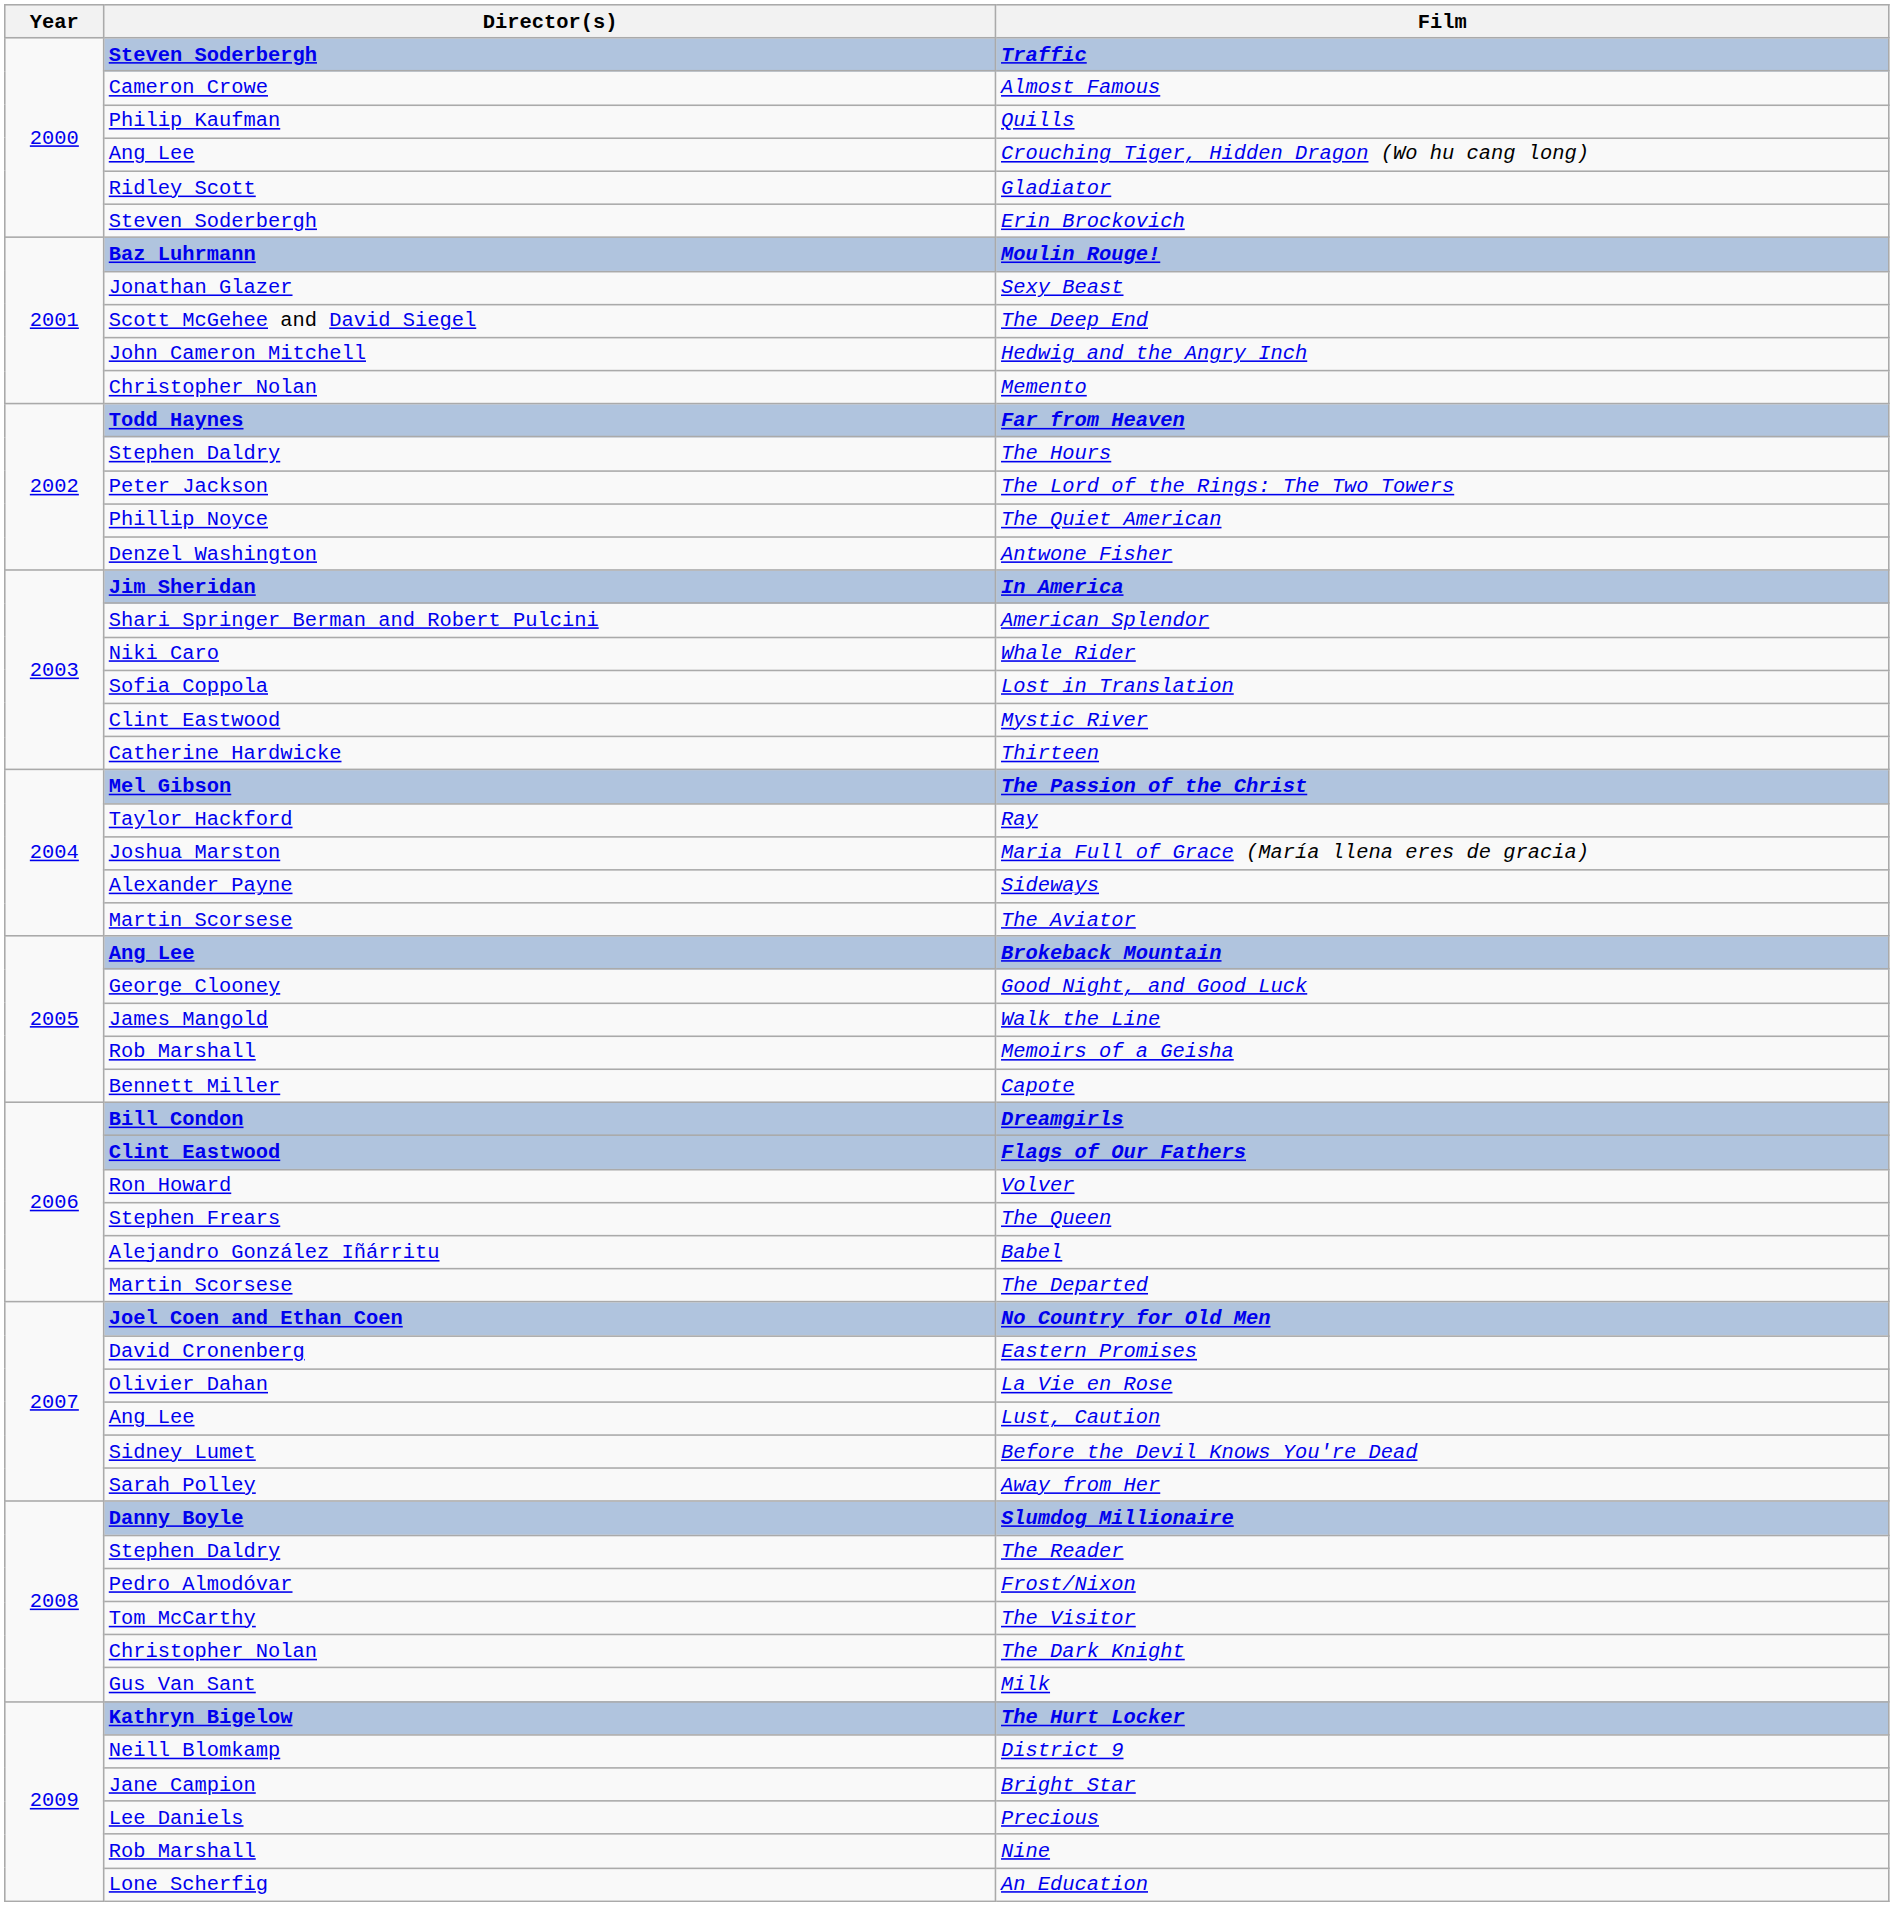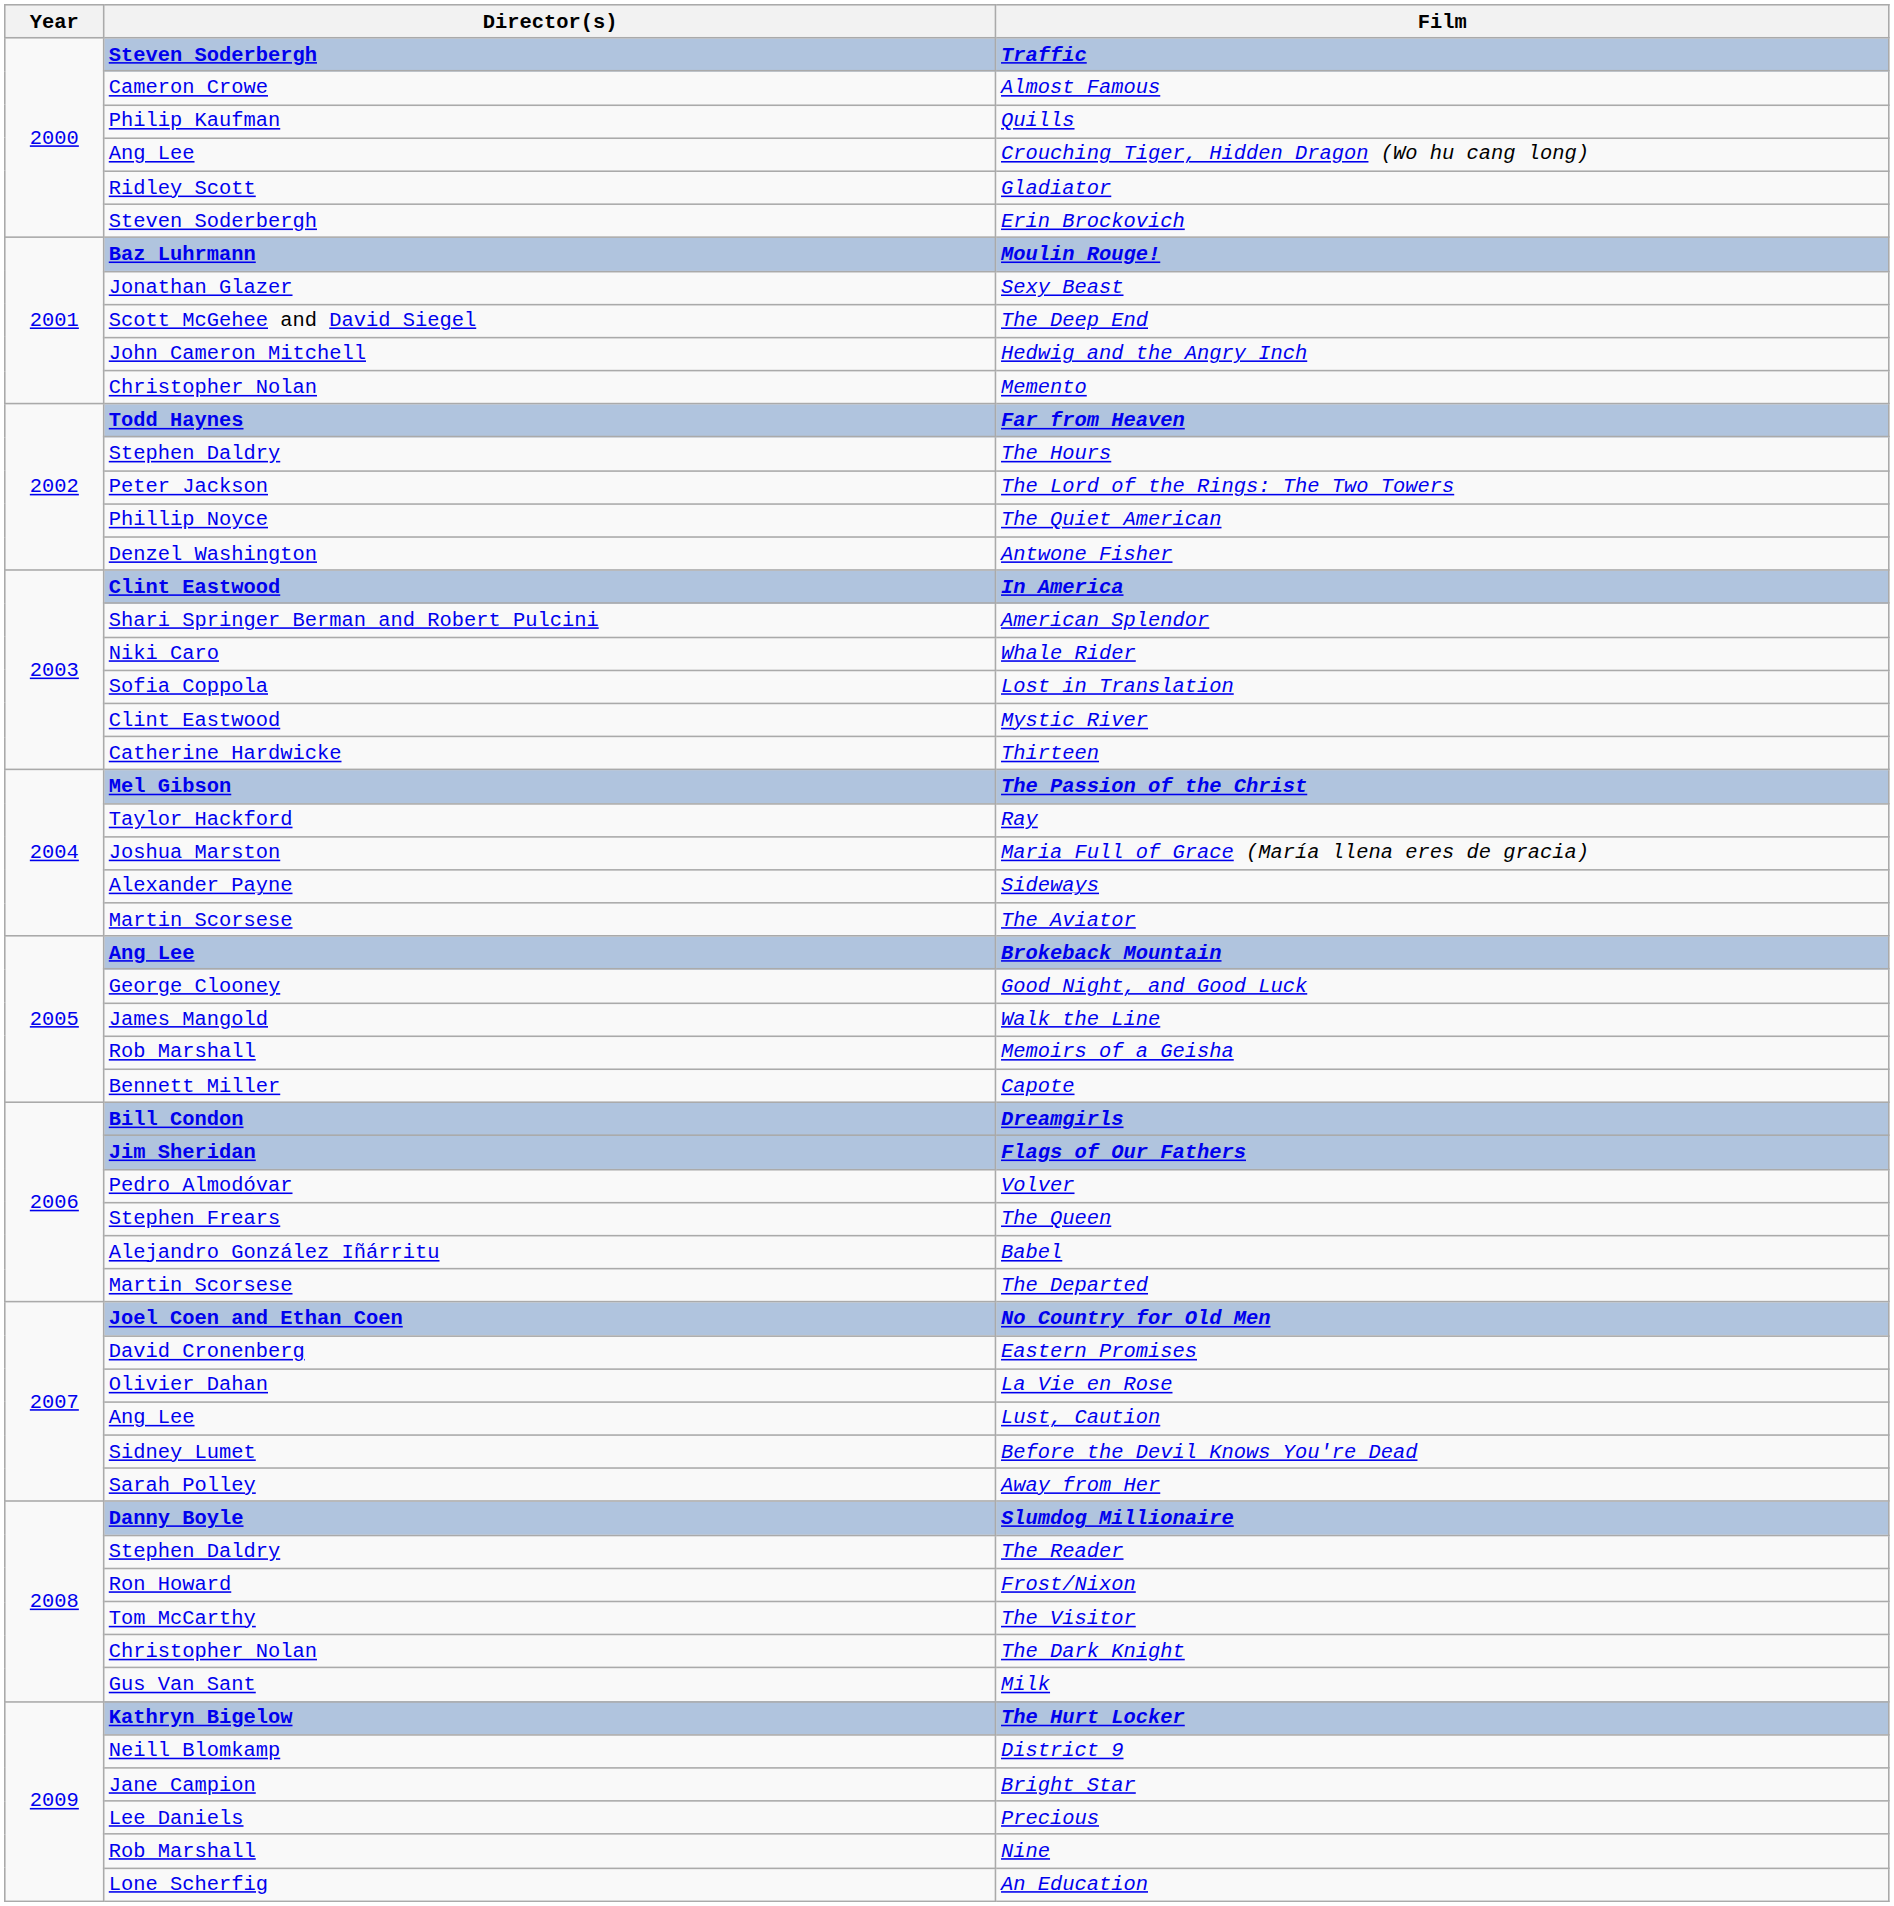 <table class="wikitable" style="width:95%;" cellpadding="5">
 <tr>
 <th style="width:5%;">Year</th>
 <th style="width:45%;">Director(s)</th>
 <th style="width:45%;">Film</th>
 </tr>
 <tr>
 <td rowspan="6" style="text-align:center;"><a href='#'>2000</a><br></td>
 <td style="background:#B0C4DE;"><strong><a href='#'>Steven Soderbergh</a></strong></td>
 <td style="background:#B0C4DE;"><strong><em><a href='#'>Traffic</a></em></strong></td>
 </tr>
 <tr>
 <td><a href='#'>Cameron Crowe</a></td>
 <td><em><a href='#'>Almost Famous</a></em></td>
 </tr>
 <tr>
 <td><a href='#'>Philip Kaufman</a></td>
 <td><em><a href='#'>Quills</a></em></td>
 </tr>
 <tr>
 <td><a href='#'>Ang Lee</a></td>
 <td><em><a href='#'>Crouching Tiger, Hidden Dragon</a> (Wo hu cang long)</em></td>
 </tr>
 <tr>
 <td><a href='#'>Ridley Scott</a></td>
 <td><em><a href='#'>Gladiator</a></em></td>
 </tr>
 <tr>
 <td><a href='#'>Steven Soderbergh</a></td>
 <td><em><a href='#'>Erin Brockovich</a></em></td>
 </tr>
 <tr>
 <td rowspan="5" style="text-align:center;"><a href='#'>2001</a><br></td>
 <td style="background:#B0C4DE;"><strong><a href='#'>Baz Luhrmann</a></strong></td>
 <td style="background:#B0C4DE;"><strong><em><a href='#'>Moulin Rouge!</a></em></strong></td>
 </tr>
 <tr>
 <td><a href='#'>Jonathan Glazer</a></td>
 <td><em><a href='#'>Sexy Beast</a></em></td>
 </tr>
 <tr>
 <td><a href='#'>Scott McGehee</a> and <a href='#'>David Siegel</a></td>
 <td><em><a href='#'>The Deep End</a></em></td>
 </tr>
 <tr>
 <td><a href='#'>John Cameron Mitchell</a></td>
 <td><em><a href='#'>Hedwig and the Angry Inch</a></em></td>
 </tr>
 <tr>
 <td><a href='#'>Christopher Nolan</a></td>
 <td><em><a href='#'>Memento</a></em></td>
 </tr>
 <tr>
 <td rowspan="5" style="text-align:center;"><a href='#'>2002</a><br></td>
 <td style="background:#B0C4DE;"><strong><a href='#'>Todd Haynes</a></strong></td>
 <td style="background:#B0C4DE;"><strong><em><a href='#'>Far from Heaven</a></em></strong></td>
 </tr>
 <tr>
 <td><a href='#'>Stephen Daldry</a></td>
 <td><em><a href='#'>The Hours</a></em></td>
 </tr>
 <tr>
 <td><a href='#'>Peter Jackson</a></td>
 <td><em><a href='#'>The Lord of the Rings: The Two Towers</a></em></td>
 </tr>
 <tr>
 <td><a href='#'>Phillip Noyce</a></td>
 <td><em><a href='#'>The Quiet American</a></em></td>
 </tr>
 <tr>
 <td><a href='#'>Denzel Washington</a></td>
 <td><em><a href='#'>Antwone Fisher</a></em></td>
 </tr>
 <tr>
 <td rowspan="6" style="text-align:center;"><a href='#'>2003</a><br></td>
-<td style="background:#B0C4DE;"><strong><a href='#'>Jim Sheridan</a></strong></td>
+<td style="background:#B0C4DE;"><strong><a href='#'>Clint Eastwood</a></strong></td>
 <td style="background:#B0C4DE;"><strong><em><a href='#'>In America</a></em></strong></td>
 </tr>
 <tr>
 <td><a href='#'>Shari Springer Berman and Robert Pulcini</a></td>
 <td><em><a href='#'>American Splendor</a></em></td>
 </tr>
 <tr>
 <td><a href='#'>Niki Caro</a></td>
 <td><em><a href='#'>Whale Rider</a></em></td>
 </tr>
 <tr>
 <td><a href='#'>Sofia Coppola</a></td>
 <td><em><a href='#'>Lost in Translation</a></em></td>
 </tr>
 <tr>
 <td><a href='#'>Clint Eastwood</a></td>
 <td><em><a href='#'>Mystic River</a></em></td>
 </tr>
 <tr>
 <td><a href='#'>Catherine Hardwicke</a></td>
 <td><em><a href='#'>Thirteen</a></em></td>
 </tr>
 <tr>
 <td rowspan="5" style="text-align:center;"><a href='#'>2004</a><br></td>
 <td style="background:#B0C4DE;"><strong><a href='#'>Mel Gibson</a></strong></td>
 <td style="background:#B0C4DE;"><strong><em><a href='#'>The Passion of the Christ</a></em></strong></td>
 </tr>
 <tr>
 <td><a href='#'>Taylor Hackford</a></td>
 <td><em><a href='#'>Ray</a></em></td>
 </tr>
 <tr>
 <td><a href='#'>Joshua Marston</a></td>
 <td><em><a href='#'>Maria Full of Grace</a> (María llena eres de gracia)</em></td>
 </tr>
 <tr>
 <td><a href='#'>Alexander Payne</a></td>
 <td><em><a href='#'>Sideways</a></em></td>
 </tr>
 <tr>
 <td><a href='#'>Martin Scorsese</a></td>
 <td><em><a href='#'>The Aviator</a></em></td>
 </tr>
 <tr>
 <td rowspan="5" style="text-align:center;"><a href='#'>2005</a><br></td>
 <td style="background:#B0C4DE;"><strong><a href='#'>Ang Lee</a></strong></td>
 <td style="background:#B0C4DE;"><strong><em><a href='#'>Brokeback Mountain</a></em></strong></td>
 </tr>
 <tr>
 <td><a href='#'>George Clooney</a></td>
 <td><em><a href='#'>Good Night, and Good Luck</a></em></td>
 </tr>
 <tr>
 <td><a href='#'>James Mangold</a></td>
 <td><em><a href='#'>Walk the Line</a></em></td>
 </tr>
 <tr>
 <td><a href='#'>Rob Marshall</a></td>
 <td><em><a href='#'>Memoirs of a Geisha</a></em></td>
 </tr>
 <tr>
 <td><a href='#'>Bennett Miller</a></td>
 <td><em><a href='#'>Capote</a></em></td>
 </tr>
 <tr>
 <td rowspan="6" style="text-align:center;"><a href='#'>2006</a><br></td>
 <td style="background:#B0C4DE;"><strong><a href='#'>Bill Condon</a></strong></td>
 <td style="background:#B0C4DE;"><strong><em><a href='#'>Dreamgirls</a></em></strong></td>
 </tr>
 <tr>
-<td style="background:#B0C4DE;"><strong><a href='#'>Clint Eastwood</a></strong></td>
+<td style="background:#B0C4DE;"><strong><a href='#'>Jim Sheridan</a></strong></td>
 <td style="background:#B0C4DE;"><strong><em><a href='#'>Flags of Our Fathers</a></em></strong></td>
 </tr>
 <tr>
-<td><a href='#'>Ron Howard</a></td>
+<td><a href='#'>Pedro Almodóvar</a></td>
 <td><em><a href='#'>Volver</a></em></td>
 </tr>
 <tr>
 <td><a href='#'>Stephen Frears</a></td>
 <td><em><a href='#'>The Queen</a></em></td>
 </tr>
 <tr>
 <td><a href='#'>Alejandro González Iñárritu</a></td>
 <td><em><a href='#'>Babel</a></em></td>
 </tr>
 <tr>
 <td><a href='#'>Martin Scorsese</a></td>
 <td><em><a href='#'>The Departed</a></em></td>
 </tr>
 <tr>
 <td rowspan="6" style="text-align:center;"><a href='#'>2007</a><br></td>
 <td style="background:#B0C4DE;"><strong><a href='#'>Joel Coen and Ethan Coen</a></strong></td>
 <td style="background:#B0C4DE;"><strong><em><a href='#'>No Country for Old Men</a></em></strong></td>
 </tr>
 <tr>
 <td><a href='#'>David Cronenberg</a></td>
 <td><em><a href='#'>Eastern Promises</a></em></td>
 </tr>
 <tr>
 <td><a href='#'>Olivier Dahan</a></td>
 <td><em><a href='#'>La Vie en Rose</a></em></td>
 </tr>
 <tr>
 <td><a href='#'>Ang Lee</a></td>
 <td><em><a href='#'>Lust, Caution</a></em></td>
 </tr>
 <tr>
 <td><a href='#'>Sidney Lumet</a></td>
 <td><em><a href='#'>Before the Devil Knows You're Dead</a></em></td>
 </tr>
 <tr>
 <td><a href='#'>Sarah Polley</a></td>
 <td><em><a href='#'>Away from Her</a></em></td>
 </tr>
 <tr>
 <td rowspan="6" style="text-align:center;"><a href='#'>2008</a><br></td>
 <td style="background:#B0C4DE;"><strong><a href='#'>Danny Boyle</a></strong></td>
 <td style="background:#B0C4DE;"><strong><em><a href='#'>Slumdog Millionaire</a></em></strong></td>
 </tr>
 <tr>
 <td><a href='#'>Stephen Daldry</a></td>
 <td><em><a href='#'>The Reader</a></em></td>
 </tr>
 <tr>
-<td><a href='#'>Pedro Almodóvar</a></td>
+<td><a href='#'>Ron Howard</a></td>
 <td><em><a href='#'>Frost/Nixon</a></em></td>
 </tr>
 <tr>
 <td><a href='#'>Tom McCarthy</a></td>
 <td><em><a href='#'>The Visitor</a></em></td>
 </tr>
 <tr>
 <td><a href='#'>Christopher Nolan</a></td>
 <td><em><a href='#'>The Dark Knight</a></em></td>
 </tr>
 <tr>
 <td><a href='#'>Gus Van Sant</a></td>
 <td><em><a href='#'>Milk</a></em></td>
 </tr>
 <tr>
 <td rowspan="6" style="text-align:center;"><a href='#'>2009</a><br></td>
 <td style="background:#B0C4DE;"><strong><a href='#'>Kathryn Bigelow</a></strong></td>
 <td style="background:#B0C4DE;"><strong><em><a href='#'>The Hurt Locker</a></em></strong></td>
 </tr>
 <tr>
 <td><a href='#'>Neill Blomkamp</a></td>
 <td><em><a href='#'>District 9</a></em></td>
 </tr>
 <tr>
 <td><a href='#'>Jane Campion</a></td>
 <td><em><a href='#'>Bright Star</a></em></td>
 </tr>
 <tr>
 <td><a href='#'>Lee Daniels</a></td>
 <td><em><a href='#'>Precious</a></em></td>
 </tr>
 <tr>
 <td><a href='#'>Rob Marshall</a></td>
 <td><em><a href='#'>Nine</a></em></td>
 </tr>
 <tr>
 <td><a href='#'>Lone Scherfig</a></td>
 <td><em><a href='#'>An Education</a></em></td>
 </tr>
 </table>
